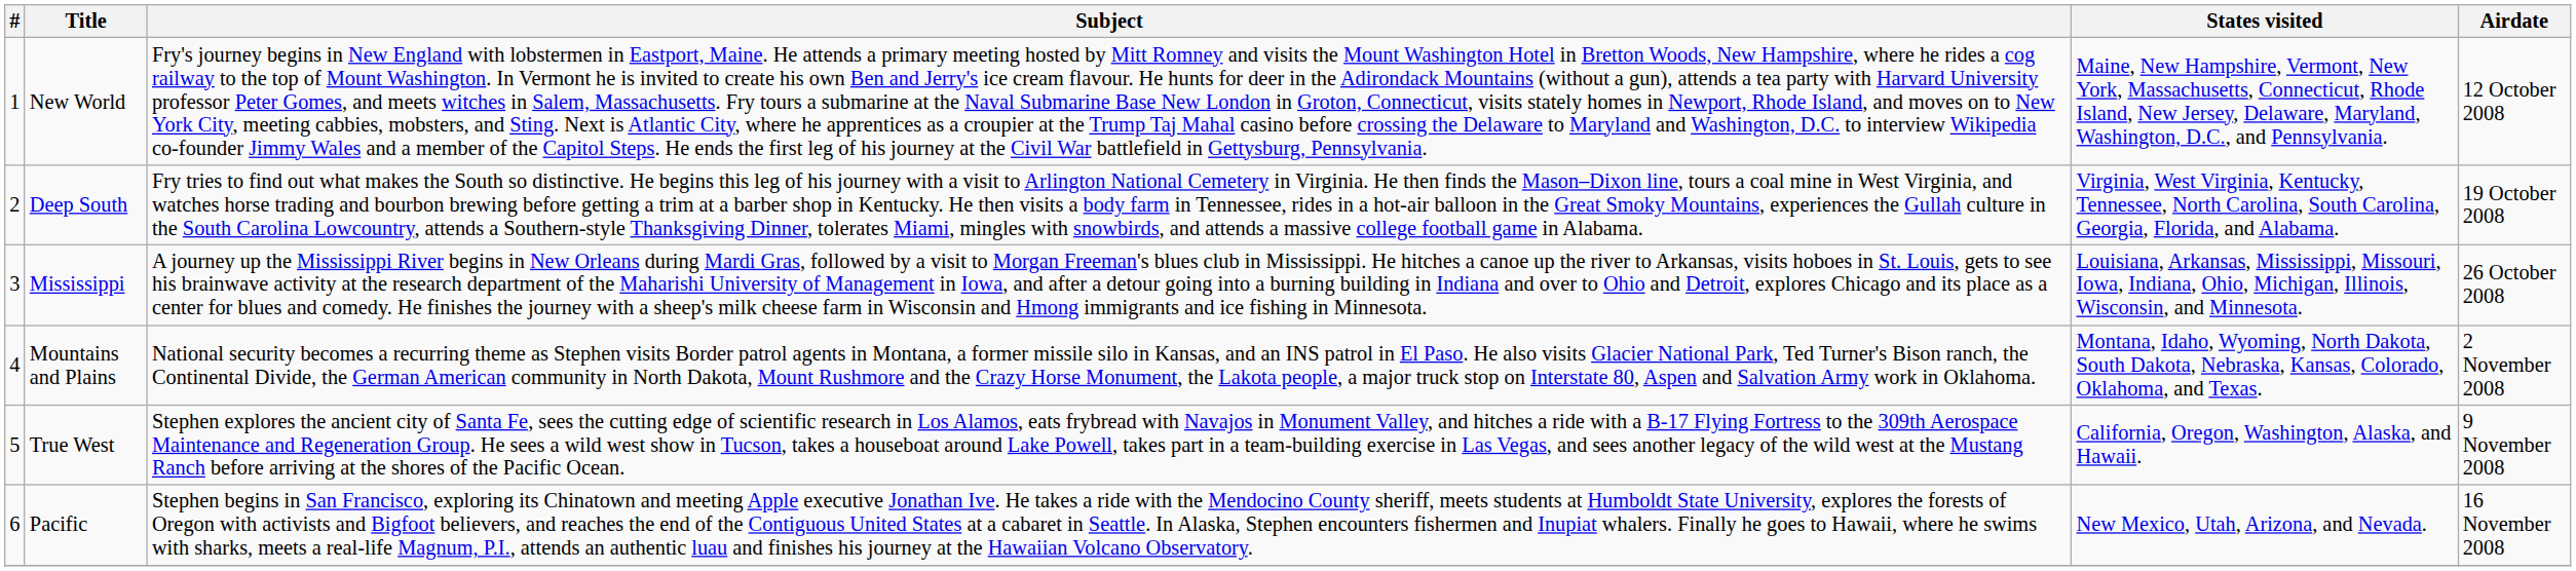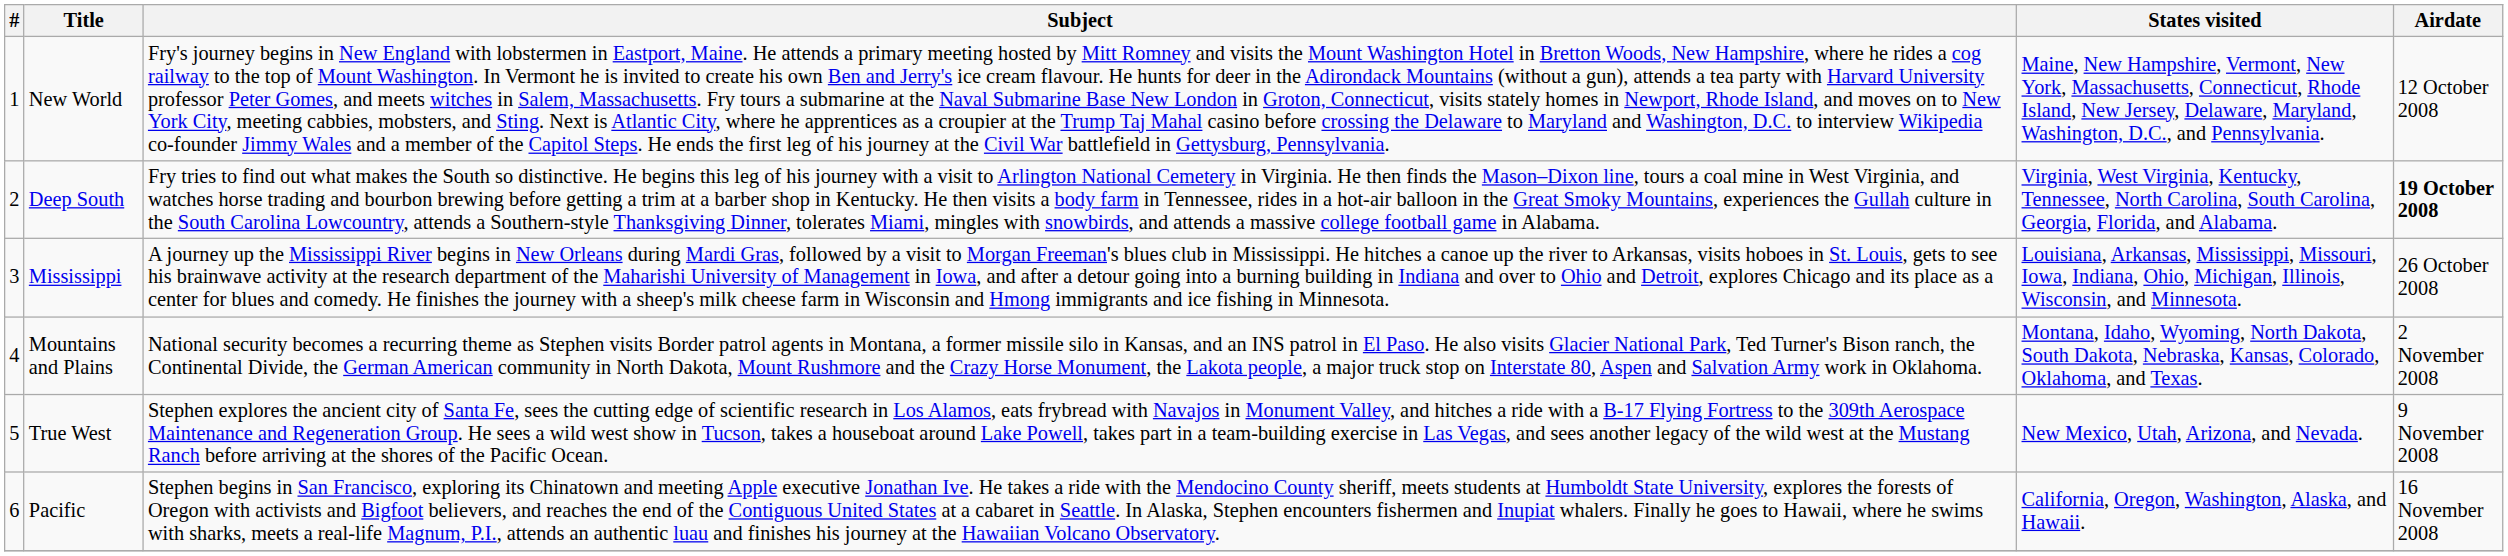 <table class="wikitable sortable">
 <tr>
 <th>#</th>
 <th>Title</th>
 <th>Subject</th>
 <th>States visited</th>
 <th>Airdate</th>
 </tr>
 <tr>
 <td>1</td>
 <td>New World</td>
 <td>Fry's journey begins in <a href='#'>New England</a> with lobstermen in <a href='#'>Eastport, Maine</a>. He attends a primary meeting hosted by <a href='#'>Mitt Romney</a> and visits the <a href='#'>Mount Washington Hotel</a> in <a href='#'>Bretton Woods, New Hampshire</a>, where he rides a <a href='#'>cog railway</a> to the top of <a href='#'>Mount Washington</a>. In Vermont he is invited to create his own <a href='#'>Ben and Jerry's</a> ice cream flavour. He hunts for deer in the <a href='#'>Adirondack Mountains</a> (without a gun), attends a tea party with <a href='#'>Harvard University</a> professor <a href='#'>Peter Gomes</a>, and meets <a href='#'>witches</a> in <a href='#'>Salem, Massachusetts</a>. Fry tours a submarine at the <a href='#'>Naval Submarine Base New London</a> in <a href='#'>Groton, Connecticut</a>, visits stately homes in <a href='#'>Newport, Rhode Island</a>, and moves on to <a href='#'>New York City</a>, meeting cabbies, mobsters, and <a href='#'>Sting</a>. Next is <a href='#'>Atlantic City</a>, where he apprentices as a croupier at the <a href='#'>Trump Taj Mahal</a> casino before <a href='#'>crossing the Delaware</a> to <a href='#'>Maryland</a> and <a href='#'>Washington, D.C.</a> to interview <a href='#'>Wikipedia</a> co-founder <a href='#'>Jimmy Wales</a> and a member of the <a href='#'>Capitol Steps</a>.  He ends the first leg of his journey at the <a href='#'>Civil War</a> battlefield in <a href='#'>Gettysburg, Pennsylvania</a>.</td>
 <td><a href='#'>Maine</a>, <a href='#'>New Hampshire</a>, <a href='#'>Vermont</a>, <a href='#'>New York</a>, <a href='#'>Massachusetts</a>, <a href='#'>Connecticut</a>, <a href='#'>Rhode Island</a>, <a href='#'>New Jersey</a>, <a href='#'>Delaware</a>, <a href='#'>Maryland</a>, <a href='#'>Washington, D.C.</a>, and <a href='#'>Pennsylvania</a>.</td>
 <td>12 October 2008</td>
 </tr>
 <tr>
 <td>2</td>
 <td><a href='#'>Deep South</a></td>
 <td>Fry tries to find out what makes the South so distinctive. He begins this leg of his journey with a visit to <a href='#'>Arlington National Cemetery</a> in Virginia.  He then finds the <a href='#'>Mason–Dixon line</a>, tours a coal mine in West Virginia, and watches horse trading and bourbon brewing before getting a trim at a barber shop in Kentucky.  He then visits a <a href='#'>body farm</a> in Tennessee, rides in a hot-air balloon in the <a href='#'>Great Smoky Mountains</a>, experiences the <a href='#'>Gullah</a> culture in the <a href='#'>South Carolina Lowcountry</a>, attends a Southern-style <a href='#'>Thanksgiving Dinner</a>, tolerates <a href='#'>Miami</a>, mingles with <a href='#'>snowbirds</a>, and attends a massive <a href='#'>college football game</a> in Alabama.</td>
 <td><a href='#'>Virginia</a>, <a href='#'>West Virginia</a>, <a href='#'>Kentucky</a>, <a href='#'>Tennessee</a>, <a href='#'>North Carolina</a>, <a href='#'>South Carolina</a>, <a href='#'>Georgia</a>, <a href='#'>Florida</a>, and <a href='#'>Alabama</a>.</td>
-<td>19 October 2008</td>
+<td><strong>19 October 2008</strong></td>
 </tr>
 <tr>
 <td>3</td>
 <td><a href='#'>Mississippi</a></td>
 <td>A  journey up the <a href='#'>Mississippi River</a> begins in <a href='#'>New Orleans</a> during <a href='#'>Mardi Gras</a>, followed by a visit to <a href='#'>Morgan Freeman</a>'s blues club in Mississippi. He hitches a canoe up the river to Arkansas, visits hoboes in <a href='#'>St. Louis</a>, gets to see his brainwave activity at the research department of the <a href='#'>Maharishi University of Management</a> in <a href='#'>Iowa</a>, and after a detour going into a burning building in <a href='#'>Indiana</a> and over to <a href='#'>Ohio</a> and <a href='#'>Detroit</a>, explores Chicago and its place as a center for blues and comedy. He finishes the journey with a sheep's milk cheese farm in Wisconsin and <a href='#'>Hmong</a> immigrants and ice fishing in Minnesota.</td>
 <td><a href='#'>Louisiana</a>, <a href='#'>Arkansas</a>, <a href='#'>Mississippi</a>, <a href='#'>Missouri</a>, <a href='#'>Iowa</a>, <a href='#'>Indiana</a>, <a href='#'>Ohio</a>, <a href='#'>Michigan</a>, <a href='#'>Illinois</a>, <a href='#'>Wisconsin</a>, and <a href='#'>Minnesota</a>.</td>
 <td>26 October 2008</td>
 </tr>
 <tr>
 <td>4</td>
 <td>Mountains and Plains</td>
 <td>National security becomes a recurring theme as Stephen visits Border patrol agents in Montana, a former missile silo in Kansas, and an INS patrol in <a href='#'>El Paso</a>. He also visits <a href='#'>Glacier National Park</a>, Ted Turner's Bison ranch, the Continental Divide, the <a href='#'>German American</a> community in North Dakota, <a href='#'>Mount Rushmore</a> and the <a href='#'>Crazy Horse Monument</a>, the <a href='#'>Lakota people</a>, a major truck stop on <a href='#'>Interstate 80</a>, <a href='#'>Aspen</a> and <a href='#'>Salvation Army</a> work in Oklahoma.</td>
 <td><a href='#'>Montana</a>, <a href='#'>Idaho</a>, <a href='#'>Wyoming</a>, <a href='#'>North Dakota</a>, <a href='#'>South Dakota</a>, <a href='#'>Nebraska</a>, <a href='#'>Kansas</a>, <a href='#'>Colorado</a>, <a href='#'>Oklahoma</a>, and <a href='#'>Texas</a>.</td>
 <td>2 November 2008</td>
 </tr>
 <tr>
 <td>5</td>
 <td>True West</td>
 <td>Stephen explores the ancient city of <a href='#'>Santa Fe</a>, sees the cutting edge of scientific research in <a href='#'>Los Alamos</a>, eats frybread with <a href='#'>Navajos</a> in <a href='#'>Monument Valley</a>, and hitches a ride with a <a href='#'>B-17 Flying Fortress</a> to the <a href='#'>309th Aerospace Maintenance and Regeneration Group</a>. He sees a wild west show in <a href='#'>Tucson</a>, takes a houseboat around <a href='#'>Lake Powell</a>, takes part in a team-building exercise in <a href='#'>Las Vegas</a>, and sees another legacy of the wild west at the <a href='#'>Mustang Ranch</a> before arriving at the shores of the Pacific Ocean.</td>
-<td><a href='#'>California</a>, <a href='#'>Oregon</a>, <a href='#'>Washington</a>, <a href='#'>Alaska</a>, and <a href='#'>Hawaii</a>.</td>
+<td><a href='#'>New Mexico</a>, <a href='#'>Utah</a>, <a href='#'>Arizona</a>, and <a href='#'>Nevada</a>.</td>
 <td>9 November 2008</td>
 </tr>
 <tr>
 <td>6</td>
 <td>Pacific</td>
 <td>Stephen begins in <a href='#'>San Francisco</a>, exploring its Chinatown and meeting <a href='#'>Apple</a> executive <a href='#'>Jonathan Ive</a>. He takes a ride with the <a href='#'>Mendocino County</a> sheriff, meets students at <a href='#'>Humboldt State University</a>, explores the forests of Oregon with activists and <a href='#'>Bigfoot</a> believers, and reaches the end of the <a href='#'>Contiguous United States</a> at a cabaret in <a href='#'>Seattle</a>. In Alaska, Stephen encounters fishermen and <a href='#'>Inupiat</a> whalers. Finally he goes to Hawaii, where he swims with sharks, meets a real-life <a href='#'>Magnum, P.I.</a>, attends an authentic <a href='#'>luau</a> and finishes his journey at the <a href='#'>Hawaiian Volcano Observatory</a>.</td>
-<td><a href='#'>New Mexico</a>, <a href='#'>Utah</a>, <a href='#'>Arizona</a>, and <a href='#'>Nevada</a>.</td>
+<td><a href='#'>California</a>, <a href='#'>Oregon</a>, <a href='#'>Washington</a>, <a href='#'>Alaska</a>, and <a href='#'>Hawaii</a>.</td>
 <td>16 November 2008</td>
 </tr>
 <tr>
 </tr>
 </table>
